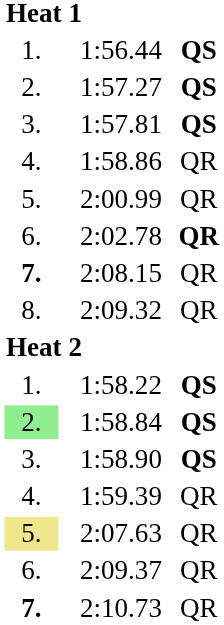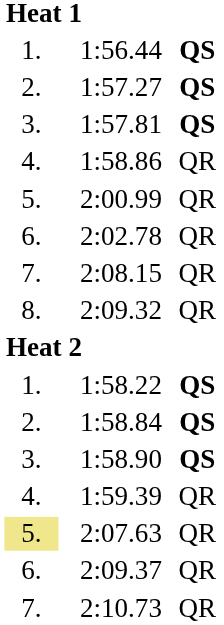 <table style="text-align:center">
 <tr>
 <td colspan=4 align=left><strong>Heat 1</strong></td>
 </tr>
 <tr>
 <td width=30>1.</td>
 <td align=left></td>
 <td width=60>1:56.44</td>
 <td><strong>QS</strong></td>
 </tr>
 <tr>
 <td>2.</td>
 <td align=left></td>
 <td>1:57.27</td>
 <td><strong>QS</strong></td>
 </tr>
 <tr>
 <td>3.</td>
 <td align=left></td>
 <td>1:57.81</td>
 <td><strong>QS</strong></td>
 </tr>
 <tr>
 <td>4.</td>
 <td align=left></td>
 <td>1:58.86</td>
 <td>QR</td>
 </tr>
 <tr>
 <td>5.</td>
 <td align=left></td>
 <td>2:00.99</td>
 <td>QR</td>
 </tr>
 <tr>
 <td>6.</td>
 <td align=left></td>
 <td>2:02.78</td>
-<td><strong>QR</strong></td>
+<td>QR</td>
 </tr>
 <tr>
-<td><strong>7.</strong></td>
+<td>7.</td>
 <td align=left></td>
 <td>2:08.15</td>
 <td>QR</td>
 </tr>
 <tr>
 <td>8.</td>
 <td align=left></td>
 <td>2:09.32</td>
 <td>QR</td>
 </tr>
 <tr>
 <td colspan=4 align=left><strong>Heat 2</strong></td>
 </tr>
 <tr>
 <td>1.</td>
 <td align=left></td>
 <td>1:58.22</td>
 <td><strong>QS</strong></td>
 </tr>
 <tr>
-<td style="background: lightgreen;">2.</td>
+<td>2.</td>
 <td align=left></td>
 <td>1:58.84</td>
 <td><strong>QS</strong></td>
 </tr>
 <tr>
 <td>3.</td>
 <td align=left></td>
 <td>1:58.90</td>
 <td><strong>QS</strong></td>
 </tr>
 <tr>
 <td>4.</td>
 <td align=left></td>
 <td>1:59.39</td>
 <td>QR</td>
 </tr>
 <tr>
 <td style="background: khaki;">5.</td>
 <td align=left></td>
 <td>2:07.63</td>
 <td>QR</td>
 </tr>
 <tr>
 <td>6.</td>
 <td align=left></td>
 <td>2:09.37</td>
 <td>QR</td>
 </tr>
 <tr>
-<td><strong>7.</strong></td>
+<td>7.</td>
 <td align=left></td>
 <td>2:10.73</td>
 <td>QR</td>
 </tr>
 </table>
